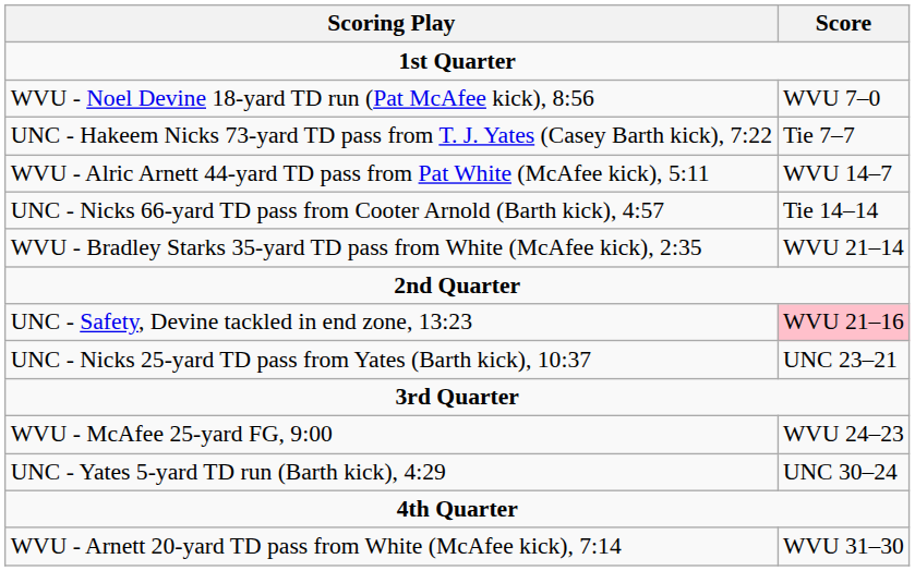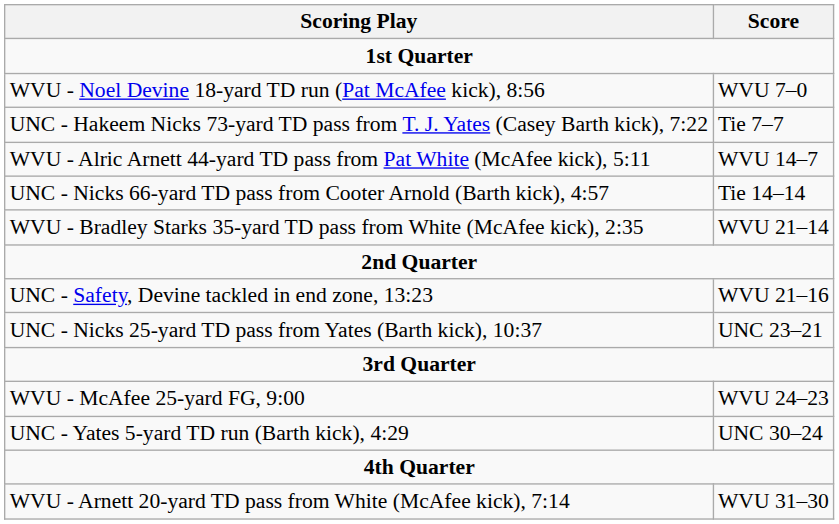 <table class="wikitable">
 <tr>
 <th>Scoring Play</th>
 <th>Score</th>
 </tr>
 <tr>
 <td colspan="4" align="center"><strong>1st Quarter</strong></td>
 </tr>
 <tr>
 <td>WVU - <a href='#'>Noel Devine</a> 18-yard TD run (<a href='#'>Pat McAfee</a> kick), 8:56</td>
 <td>WVU 7–0</td>
 </tr>
 <tr>
 <td>UNC - Hakeem Nicks 73-yard TD pass from <a href='#'>T. J. Yates</a> (Casey Barth kick), 7:22</td>
 <td>Tie 7–7</td>
 </tr>
 <tr>
 <td>WVU - Alric Arnett 44-yard TD pass from <a href='#'>Pat White</a> (McAfee kick), 5:11</td>
 <td>WVU 14–7</td>
 </tr>
 <tr>
 <td>UNC - Nicks 66-yard TD pass from Cooter Arnold (Barth kick), 4:57</td>
 <td>Tie 14–14</td>
 </tr>
 <tr>
 <td>WVU - Bradley Starks 35-yard TD pass from White (McAfee kick), 2:35</td>
 <td>WVU 21–14</td>
 </tr>
 <tr>
 <td colspan="4" align="center"><strong>2nd Quarter</strong></td>
 </tr>
 <tr>
 <td>UNC - <a href='#'>Safety</a>, Devine tackled in end zone, 13:23</td>
-<td style="background: pink;">WVU 21–16</td>
+<td>WVU 21–16</td>
 </tr>
 <tr>
 <td>UNC - Nicks 25-yard TD pass from Yates (Barth kick), 10:37</td>
 <td>UNC 23–21</td>
 </tr>
 <tr>
 <td colspan="4" align="center"><strong>3rd Quarter</strong></td>
 </tr>
 <tr>
 <td>WVU - McAfee 25-yard FG, 9:00</td>
 <td>WVU 24–23</td>
 </tr>
 <tr>
 <td>UNC - Yates 5-yard TD run (Barth kick), 4:29</td>
 <td>UNC 30–24</td>
 </tr>
 <tr>
 <td colspan="4" align="center"><strong>4th Quarter</strong></td>
 </tr>
 <tr>
 <td>WVU - Arnett 20-yard TD pass from White (McAfee kick), 7:14</td>
 <td>WVU 31–30</td>
 </tr>
 </table>
